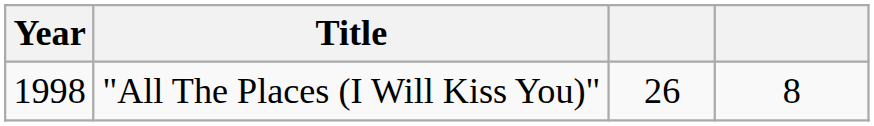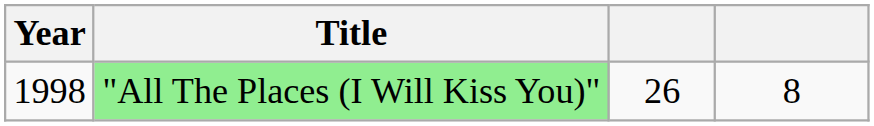 <table class="wikitable">
 <tr>
 <th align="left" valign="top">Year</th>
 <th align="left" valign="top">Title</th>
 <th align="center" valign="top" width="40"></th>
 <th align="center" valign="top" width="60"></th>
 </tr>
 <tr>
 <td align="left" valign="top">1998</td>
-<td align="left" valign="top">"All The Places (I Will Kiss You)"</td>
+<td align="left" valign="top" style="background: lightgreen;">"All The Places (I Will Kiss You)"</td>
 <td align="center" valign="top">26</td>
 <td align="center" valign="top">8</td>
 </tr>
 </table>
